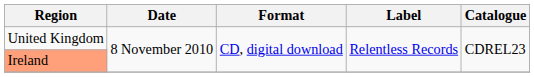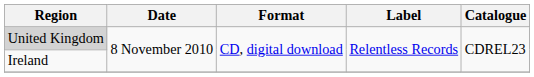 <table class=wikitable>
 <tr>
 <th>Region</th>
 <th>Date</th>
 <th>Format</th>
 <th>Label</th>
 <th>Catalogue</th>
 </tr>
 <tr>
-<td>United Kingdom</td>
+<td style="background: lightgrey;">United Kingdom</td>
 <td rowspan="2">8 November 2010</td>
 <td rowspan="2"><a href='#'>CD</a>, <a href='#'>digital download</a></td>
 <td rowspan="2"><a href='#'>Relentless Records</a></td>
 <td rowspan="2">CDREL23</td>
 </tr>
 <tr>
-<td style="background: lightsalmon;">Ireland</td>
+<td>Ireland</td>
 </tr>
 <tr>
 </tr>
 </table>
